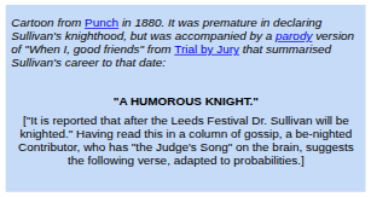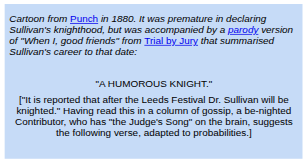 <table class="toccolours" style="float: right; margin-left: 1em; font-size: 85%; margin-right: 1em;  background:#c6dbf7; color:black; width:30em; max-width: 50%;" cellspacing="5">
 <tr>
 <td style="text-align: center;"></td>
 </tr>
 <tr>
 <td style="text-align: left;"><em>Cartoon from </em><a href='#'>Punch</a><em> in 1880.  It was premature in declaring Sullivan's knighthood, but was accompanied by a <a href='#'>parody</a> version of "When I, good friends" from </em><a href='#'>Trial by Jury</a><em> that summarised Sullivan's career to that date:</em></td>
 </tr>
 <tr>
 <td> </td>
 </tr>
 <tr>
-<td style="text-align: center;"><strong>"A HUMOROUS KNIGHT."</strong></td>
+<td style="text-align: center;">"A HUMOROUS KNIGHT."</td>
 </tr>
 <tr>
 <td style="text-align: center;">["It is reported that after the Leeds Festival Dr. Sullivan will be knighted." Having read this in a column of gossip, a be-nighted Contributor, who has "the Judge's Song" on the brain, suggests the following verse, adapted to probabilities.]</td>
 </tr>
 <tr>
 <td style="text-align: left;"><br></td>
 </tr>
 </table>
